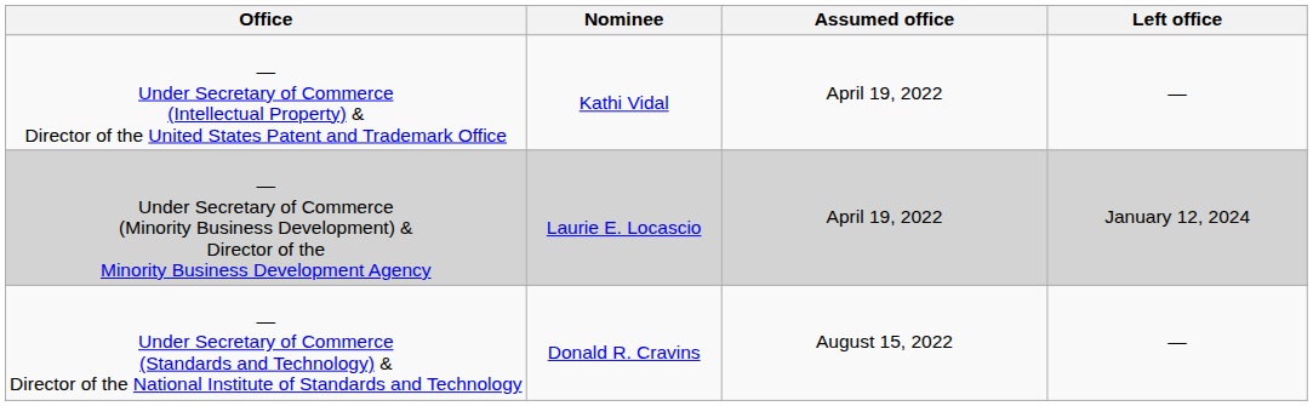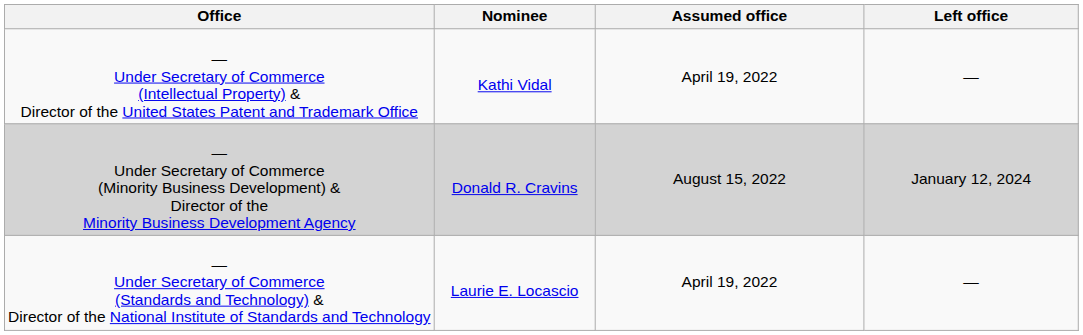 <table class="wikitable sortable" style="text-align:center">
 <tr>
 <th style="width:40%;">Office</th>
 <th style="width:15%;">Nominee</th>
 <th style="width:25%;" data-sort-type="date">Assumed office</th>
 <th style="width:20%;" data-sort-type="date">Left office</th>
 </tr>
 <tr>
 <td><br>—<br><a href='#'>Under Secretary of Commerce<br>(Intellectual Property)</a> &<br>Director of the <a href='#'>United States Patent and Trademark Office</a></td>
 <td><br><a href='#'>Kathi Vidal</a></td>
 <td data-sort-value="April 19, 2022">April 19, 2022<br></td>
 <td>—</td>
 </tr>
 <tr style="background:lightgray;">
 <td><br>—<br>Under Secretary of Commerce<br>(Minority Business Development) &<br>Director of the<br><a href='#'>Minority Business Development Agency</a></td>
-<td><br><a href='#'>Laurie E. Locascio</a></td>
-<td data-sort-value="April 19, 2022">April 19, 2022<br></td>
+<td><br><a href='#'>Donald R. Cravins</a></td>
+<td data-sort-value="August 15, 2022">August 15, 2022<br></td>
 <td>January 12, 2024</td>
 </tr>
 <tr>
 <td><br>—<br><a href='#'>Under Secretary of Commerce<br>(Standards and Technology)</a> &<br>Director of the <a href='#'>National Institute of Standards and Technology</a></td>
-<td><br><a href='#'>Donald R. Cravins</a></td>
-<td data-sort-value="August 15, 2022">August 15, 2022<br></td>
+<td><br><a href='#'>Laurie E. Locascio</a></td>
+<td data-sort-value="April 19, 2022">April 19, 2022<br></td>
 <td>—</td>
 </tr>
 </table>
